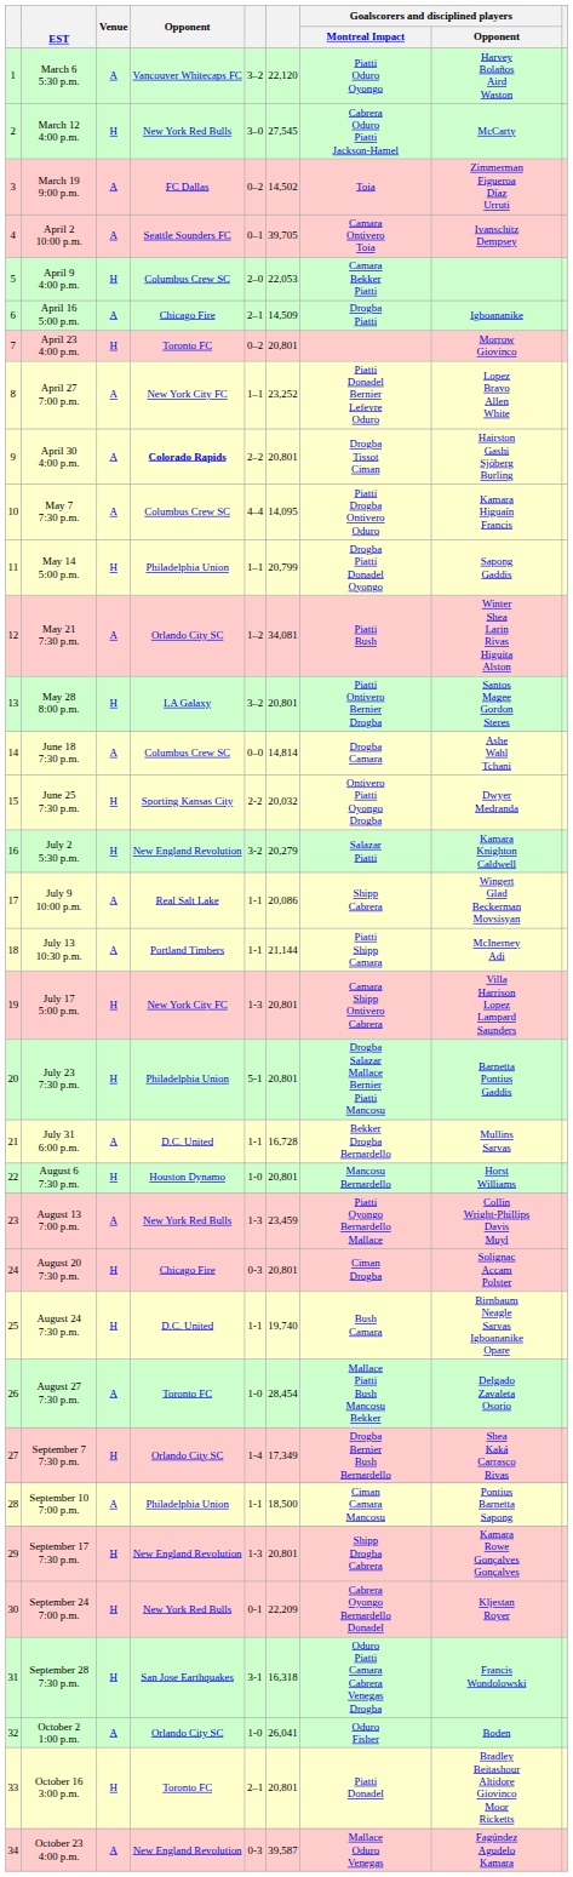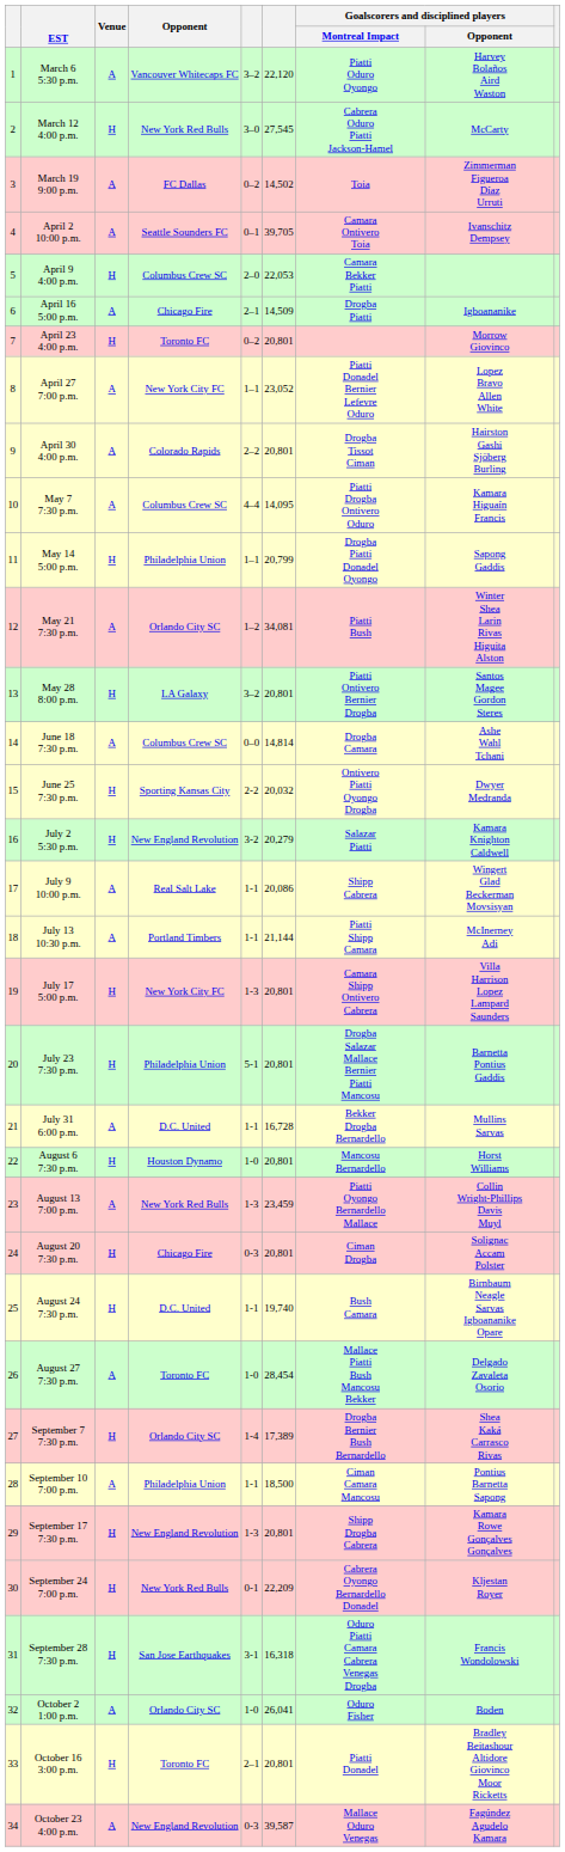 <table class="wikitable" Style="text-align: center;font-size:85%">
 <tr>
 <th rowspan="2"></th>
 <th rowspan="2" style="width:90px"><br><br><a href='#'>EST</a></th>
 <th rowspan="2">Venue</th>
 <th rowspan="2">Opponent</th>
 <th rowspan="2"><br></th>
 <th rowspan="2"></th>
 <th colspan="2">Goalscorers and disciplined players</th>
 <th rowspan="2"></th>
 </tr>
 <tr>
 <th style="width:160px"><a href='#'>Montreal Impact</a></th>
 <th style="width:160px">Opponent</th>
 </tr>
 <tr style="background:#cfc">
 <td>1</td>
 <td>March 6<br>5:30 p.m.</td>
 <td><a href='#'>A</a></td>
 <td><a href='#'>Vancouver Whitecaps FC</a></td>
 <td>3–2</td>
 <td>22,120</td>
 <td><a href='#'>Piatti</a> <br><a href='#'>Oduro</a> <br><a href='#'>Oyongo</a> </td>
 <td><a href='#'>Harvey</a> <br><a href='#'>Bolaños</a> <br><a href='#'>Aird</a> <br><a href='#'>Waston</a> </td>
 <td></td>
 </tr>
 <tr style="background:#cfc">
 <td>2</td>
 <td>March 12<br>4:00 p.m.</td>
 <td><a href='#'>H</a></td>
 <td><a href='#'>New York Red Bulls</a></td>
 <td>3–0</td>
 <td>27,545</td>
 <td><a href='#'>Cabrera</a> <br><a href='#'>Oduro</a> <br><a href='#'>Piatti</a> <br><a href='#'>Jackson-Hamel</a> </td>
 <td><a href='#'>McCarty</a> </td>
 <td></td>
 </tr>
 <tr style="background:#fcc;" loss.>
 <td>3</td>
 <td>March 19<br>9:00 p.m.</td>
 <td><a href='#'>A</a></td>
 <td><a href='#'>FC Dallas</a></td>
 <td>0–2</td>
 <td>14,502</td>
 <td><a href='#'>Toia</a> </td>
 <td><a href='#'>Zimmerman</a> <br><a href='#'>Figueroa</a> <br><a href='#'>Díaz</a> <br><a href='#'>Urruti</a> </td>
 <td></td>
 </tr>
 <tr style="background:#fcc;">
 <td>4</td>
 <td>April 2<br>10:00 p.m.</td>
 <td><a href='#'>A</a></td>
 <td><a href='#'>Seattle Sounders FC</a></td>
 <td>0–1</td>
 <td>39,705</td>
 <td><a href='#'>Camara</a> <br><a href='#'>Ontivero</a> <br><a href='#'>Toia</a> </td>
 <td><a href='#'>Ivanschitz</a> <br><a href='#'>Dempsey</a> </td>
 <td></td>
 </tr>
 <tr style="background:#cfc">
 <td>5</td>
 <td>April 9<br>4:00 p.m.</td>
 <td><a href='#'>H</a></td>
 <td><a href='#'>Columbus Crew SC</a></td>
 <td>2–0</td>
 <td>22,053</td>
 <td><a href='#'>Camara</a> <br><a href='#'>Bekker</a> <br><a href='#'>Piatti</a> </td>
 <td></td>
 <td></td>
 </tr>
 <tr style="background:#cfc">
 <td>6</td>
 <td>April 16<br>5:00 p.m.</td>
 <td><a href='#'>A</a></td>
 <td><a href='#'>Chicago Fire</a></td>
 <td>2–1</td>
 <td>14,509</td>
 <td><a href='#'>Drogba</a> <br><a href='#'>Piatti</a> </td>
 <td><a href='#'>Igboananike</a> </td>
 <td></td>
 </tr>
 <tr style="background:#fcc">
 <td>7</td>
 <td>April 23<br>4:00 p.m.</td>
 <td><a href='#'>H</a></td>
 <td><a href='#'>Toronto FC</a></td>
 <td>0–2</td>
 <td>20,801</td>
 <td></td>
 <td><a href='#'>Morrow</a> <br><a href='#'>Giovinco</a> </td>
 <td></td>
 </tr>
 <tr style="background:#ffc">
 <td>8</td>
 <td>April 27<br>7:00 p.m.</td>
 <td><a href='#'>A</a></td>
 <td><a href='#'>New York City FC</a></td>
 <td>1–1</td>
-<td>23,252</td>
+<td>23,052</td>
 <td><a href='#'>Piatti</a> <br><a href='#'>Donadel</a> <br><a href='#'>Bernier</a> <br><a href='#'>Lefevre</a><br><a href='#'>Oduro</a> </td>
 <td><a href='#'>Lopez</a> <br><a href='#'>Bravo</a> <br><a href='#'>Allen</a> <br><a href='#'>White</a> </td>
 <td></td>
 </tr>
 <tr style="background:#ffc" for a draw>
 <td>9</td>
 <td>April 30<br>4:00 p.m.</td>
 <td><a href='#'>A</a></td>
-<td><strong><a href='#'>Colorado Rapids</a></strong></td>
+<td><a href='#'>Colorado Rapids</a></td>
 <td>2–2</td>
 <td>20,801</td>
 <td><a href='#'>Drogba</a> <br><a href='#'>Tissot</a> <br><a href='#'>Ciman</a> <br></td>
 <td><a href='#'>Hairston</a> <br><a href='#'>Gashi</a>  <br><a href='#'>Sjöberg</a> <br><a href='#'>Burling</a> </td>
 <td></td>
 </tr>
 <tr style="background:#ffc" for a draw>
 <td>10</td>
 <td>May 7<br>7:30 p.m.</td>
 <td><a href='#'>A</a></td>
 <td><a href='#'>Columbus Crew SC</a></td>
 <td>4–4</td>
 <td>14,095</td>
 <td><a href='#'>Piatti</a> <br><a href='#'>Drogba</a> <br><a href='#'>Ontivero</a> <br><a href='#'>Oduro</a> </td>
 <td><a href='#'>Kamara</a> <br><a href='#'>Higuaín</a> <br><a href='#'>Francis</a> </td>
 <td></td>
 </tr>
 <tr style="background:#ffc" for a draw>
 <td>11</td>
 <td>May 14<br>5:00 p.m.</td>
 <td><a href='#'>H</a></td>
 <td><a href='#'>Philadelphia Union</a></td>
 <td>1–1</td>
 <td>20,799</td>
 <td><a href='#'>Drogba</a> <br><a href='#'>Piatti</a> <br><a href='#'>Donadel</a> <br><a href='#'>Oyongo</a> </td>
 <td><a href='#'>Sapong</a> <br><a href='#'>Gaddis</a> </td>
 <td></td>
 </tr>
 <tr style="background:#fcc" for a loss.>
 <td>12</td>
 <td>May 21<br>7:30 p.m.</td>
 <td><a href='#'>A</a></td>
 <td><a href='#'>Orlando City SC</a></td>
 <td>1–2</td>
 <td>34,081</td>
 <td><a href='#'>Piatti</a> <br><a href='#'>Bush</a> </td>
 <td><a href='#'>Winter</a> <br><a href='#'>Shea</a> <br><a href='#'>Larin</a> <br><a href='#'>Rivas</a> <br><a href='#'>Higuita</a> <br><a href='#'>Alston</a> </td>
 <td></td>
 </tr>
 <tr style="background:#cfc">
 <td>13</td>
 <td>May 28<br>8:00 p.m.</td>
 <td><a href='#'>H</a></td>
 <td><a href='#'>LA Galaxy</a></td>
 <td>3–2</td>
 <td>20,801</td>
 <td><a href='#'>Piatti</a> <br><a href='#'>Ontivero</a> <br><a href='#'>Bernier</a><br><a href='#'>Drogba</a>  </td>
 <td><a href='#'>Santos</a> <br><a href='#'>Magee</a> <br><a href='#'>Gordon</a> <br><a href='#'>Steres</a> </td>
 <td></td>
 </tr>
 <tr style="background:#ffc">
 <td>14</td>
 <td>June 18<br>7:30 p.m.</td>
 <td><a href='#'>A</a></td>
 <td><a href='#'>Columbus Crew SC</a></td>
 <td>0–0</td>
 <td>14,814</td>
 <td><a href='#'>Drogba</a> <br><a href='#'>Camara</a> </td>
 <td><a href='#'>Ashe</a> <br><a href='#'>Wahl</a> <br><a href='#'>Tchani</a></td>
 <td></td>
 </tr>
 <tr style="background:#ffc">
 <td>15</td>
 <td>June 25<br>7:30 p.m.</td>
 <td><a href='#'>H</a></td>
 <td><a href='#'>Sporting Kansas City</a></td>
 <td>2-2</td>
 <td>20,032</td>
 <td><a href='#'>Ontivero</a> <br><a href='#'>Piatti</a> <br><a href='#'>Oyongo</a> <br><a href='#'>Drogba</a> </td>
 <td><a href='#'>Dwyer</a> <br><a href='#'>Medranda</a> </td>
 <td></td>
 </tr>
 <tr style="background:#cfc">
 <td>16</td>
 <td>July 2<br>5:30 p.m.</td>
 <td><a href='#'>H</a></td>
 <td><a href='#'>New England Revolution</a></td>
 <td>3-2</td>
 <td>20,279</td>
 <td><a href='#'>Salazar</a> <br><a href='#'>Piatti</a> </td>
 <td><a href='#'>Kamara</a> <br><a href='#'>Knighton</a> <br><a href='#'>Caldwell</a> </td>
 <td></td>
 </tr>
 <tr style="background:#ffc">
 <td>17</td>
 <td>July 9<br>10:00 p.m.</td>
 <td><a href='#'>A</a></td>
 <td><a href='#'>Real Salt Lake</a></td>
 <td>1-1</td>
 <td>20,086</td>
 <td><a href='#'>Shipp</a> <br><a href='#'>Cabrera</a> </td>
 <td><a href='#'>Wingert</a> <br><a href='#'>Glad</a> <br><a href='#'>Beckerman</a> <br><a href='#'>Movsisyan</a> </td>
 <td></td>
 </tr>
 <tr style="background:#ffc">
 <td>18</td>
 <td>July 13<br>10:30 p.m.</td>
 <td><a href='#'>A</a></td>
 <td><a href='#'>Portland Timbers</a></td>
 <td>1-1</td>
 <td>21,144</td>
 <td><a href='#'>Piatti</a> <br><a href='#'>Shipp</a> <br><a href='#'>Camara</a> </td>
 <td><a href='#'>McInerney</a> <br><a href='#'>Adi</a> </td>
 <td></td>
 </tr>
 <tr style="background:#fcc;" loss.>
 <td>19</td>
 <td>July 17<br>5:00 p.m.</td>
 <td><a href='#'>H</a></td>
 <td><a href='#'>New York City FC</a></td>
 <td>1-3</td>
 <td>20,801</td>
 <td><a href='#'>Camara</a> <br><a href='#'>Shipp</a> <br><a href='#'>Ontivero</a> <br><a href='#'>Cabrera</a> </td>
 <td><a href='#'>Villa</a> <br><a href='#'>Harrison</a> <br><a href='#'>Lopez</a> <br><a href='#'>Lampard</a> <br><a href='#'>Saunders</a> </td>
 <td></td>
 </tr>
 <tr style="background:#cfc">
 <td>20</td>
 <td>July 23<br>7:30 p.m.</td>
 <td><a href='#'>H</a></td>
 <td><a href='#'>Philadelphia Union</a></td>
 <td>5-1</td>
 <td>20,801</td>
 <td><a href='#'>Drogba</a> <br><a href='#'>Salazar</a> <br><a href='#'>Mallace</a> <br><a href='#'>Bernier</a> <br><a href='#'>Piatti</a> <br><a href='#'>Mancosu</a> </td>
 <td><a href='#'>Barnetta</a> <br><a href='#'>Pontius</a> <br><a href='#'>Gaddis</a> </td>
 <td></td>
 </tr>
 <tr style="background:#ffc" for a draw>
 <td>21</td>
 <td>July 31<br>6:00 p.m.</td>
 <td><a href='#'>A</a></td>
 <td><a href='#'>D.C. United</a></td>
 <td>1-1</td>
 <td>16,728</td>
 <td><a href='#'>Bekker</a> <br><a href='#'>Drogba</a> <br><a href='#'>Bernardello</a> </td>
 <td><a href='#'>Mullins</a> <br><a href='#'>Sarvas</a> </td>
 <td></td>
 </tr>
 <tr style="background:#cfc">
 <td>22</td>
 <td>August 6<br>7:30 p.m.</td>
 <td><a href='#'>H</a></td>
 <td><a href='#'>Houston Dynamo</a></td>
 <td>1-0</td>
 <td>20,801</td>
 <td><a href='#'>Mancosu</a> <br><a href='#'>Bernardello</a> </td>
 <td><a href='#'>Horst</a> <br><a href='#'>Williams</a> </td>
 <td></td>
 </tr>
 <tr style="background:#fcc;" loss.>
 <td>23</td>
 <td>August 13<br>7:00 p.m.</td>
 <td><a href='#'>A</a></td>
 <td><a href='#'>New York Red Bulls</a></td>
 <td>1-3</td>
 <td>23,459</td>
 <td><a href='#'>Piatti</a> <br><a href='#'>Oyongo</a> <br><a href='#'>Bernardello</a> <br><a href='#'>Mallace</a> </td>
 <td><a href='#'>Collin</a> <br><a href='#'>Wright-Phillips</a> <br><a href='#'>Davis</a> <br><a href='#'>Muyl</a> </td>
 <td></td>
 </tr>
 <tr style="background:#fcc;" loss.>
 <td>24</td>
 <td>August 20<br>7:30 p.m.</td>
 <td><a href='#'>H</a></td>
 <td><a href='#'>Chicago Fire</a></td>
 <td>0-3</td>
 <td>20,801</td>
 <td><a href='#'>Ciman</a> <br><a href='#'>Drogba</a> </td>
 <td><a href='#'>Solignac</a> <br><a href='#'>Accam</a> <br><a href='#'>Polster</a> </td>
 <td></td>
 </tr>
 <tr style="background:#ffc" for a draw>
 <td>25</td>
 <td>August 24<br>7:30 p.m.</td>
 <td><a href='#'>H</a></td>
 <td><a href='#'>D.C. United</a></td>
 <td>1-1</td>
 <td>19,740</td>
 <td><a href='#'>Bush</a> <br><a href='#'>Camara</a> </td>
 <td><a href='#'>Birnbaum</a> <br><a href='#'>Neagle</a> <br><a href='#'>Sarvas</a> <br><a href='#'>Igboananike</a> <br><a href='#'>Opare</a> </td>
 <td></td>
 </tr>
 <tr style="background:#cfc">
 <td>26</td>
 <td>August 27<br>7:30 p.m.</td>
 <td><a href='#'>A</a></td>
 <td><a href='#'>Toronto FC</a></td>
 <td>1-0</td>
 <td>28,454</td>
 <td><a href='#'>Mallace</a> <br><a href='#'>Piatti</a> <br><a href='#'>Bush</a> <br><a href='#'>Mancosu</a> <br><a href='#'>Bekker</a> </td>
 <td><a href='#'>Delgado</a> <br><a href='#'>Zavaleta</a> <br><a href='#'>Osorio</a> </td>
 <td></td>
 </tr>
 <tr style="background:#fcc;" loss.>
 <td>27</td>
 <td>September 7<br>7:30 p.m.</td>
 <td><a href='#'>H</a></td>
 <td><a href='#'>Orlando City SC</a></td>
 <td>1-4</td>
-<td>17,349</td>
+<td>17,389</td>
 <td><a href='#'>Drogba</a> <br><a href='#'>Bernier</a> <br><a href='#'>Bush</a> <br><a href='#'>Bernardello</a> </td>
 <td><a href='#'>Shea</a> <br><a href='#'>Kaká</a> <br><a href='#'>Carrasco</a> <br><a href='#'>Rivas</a> </td>
 <td></td>
 </tr>
 <tr style="background:#ffc">
 <td>28</td>
 <td>September 10<br>7:00 p.m.</td>
 <td><a href='#'>A</a></td>
 <td><a href='#'>Philadelphia Union</a></td>
 <td>1-1</td>
 <td>18,500</td>
 <td><a href='#'>Ciman</a> <br><a href='#'>Camara</a> <br><a href='#'>Mancosu</a> </td>
 <td><a href='#'>Pontius</a> <br><a href='#'>Barnetta</a> <br><a href='#'>Sapong</a> </td>
 <td></td>
 </tr>
 <tr style="background:#fcc;" loss.>
 <td>29</td>
 <td>September 17<br>7:30 p.m.</td>
 <td><a href='#'>H</a></td>
 <td><a href='#'>New England Revolution</a></td>
 <td>1-3</td>
 <td>20,801</td>
 <td><a href='#'>Shipp</a> <br><a href='#'>Drogba</a> <br><a href='#'>Cabrera</a> </td>
 <td><a href='#'>Kamara</a> <br><a href='#'>Rowe</a> <br><a href='#'>Gonçalves</a> <br><a href='#'>Gonçalves</a> </td>
 <td></td>
 </tr>
 <tr style="background:#fcc;" loss.>
 <td>30</td>
 <td>September 24<br>7:00 p.m.</td>
 <td><a href='#'>H</a></td>
 <td><a href='#'>New York Red Bulls</a></td>
 <td>0-1</td>
 <td>22,209</td>
 <td><a href='#'>Cabrera</a> <br><a href='#'>Oyongo</a> <br><a href='#'>Bernardello</a> <br><a href='#'>Donadel</a> </td>
 <td><a href='#'>Kljestan</a> <br><a href='#'>Royer</a> </td>
 <td></td>
 </tr>
 <tr style="background:#cfc">
 <td>31</td>
 <td>September 28<br>7:30 p.m.</td>
 <td><a href='#'>H</a></td>
 <td><a href='#'>San Jose Earthquakes</a></td>
 <td>3-1</td>
 <td>16,318</td>
 <td><a href='#'>Oduro</a> <br><a href='#'>Piatti</a> <br><a href='#'>Camara</a> <br><a href='#'>Cabrera</a> <br><a href='#'>Venegas</a> <br><a href='#'>Drogba</a> </td>
 <td><a href='#'>Francis</a> <br><a href='#'>Wondolowski</a> </td>
 <td></td>
 </tr>
 <tr style="background:#cfc">
 <td>32</td>
 <td>October 2<br>1:00 p.m.</td>
 <td><a href='#'>A</a></td>
 <td><a href='#'>Orlando City SC</a></td>
 <td>1-0</td>
 <td>26,041</td>
 <td><a href='#'>Oduro</a> <br><a href='#'>Fisher</a> </td>
 <td><a href='#'>Boden</a> </td>
 <td></td>
 </tr>
 <tr style="background:#ffc">
 <td>33</td>
 <td>October 16<br>3:00 p.m.</td>
 <td><a href='#'>H</a></td>
 <td><a href='#'>Toronto FC</a></td>
 <td>2–1</td>
 <td>20,801</td>
 <td><a href='#'>Piatti</a> <br><a href='#'>Donadel</a> </td>
 <td><a href='#'>Bradley</a> <br><a href='#'>Beitashour</a> <br><a href='#'>Altidore</a> <br><a href='#'>Giovinco</a> <br><a href='#'>Moor</a> <br><a href='#'>Ricketts</a> </td>
 <td></td>
 </tr>
 <tr style="background:#fcc;">
 <td>34</td>
 <td>October 23<br>4:00 p.m.</td>
 <td><a href='#'>A</a></td>
 <td><a href='#'>New England Revolution</a></td>
 <td>0-3</td>
 <td>39,587</td>
 <td><a href='#'>Mallace</a> <br><a href='#'>Oduro</a> <br><a href='#'>Venegas</a> </td>
 <td><a href='#'>Fagúndez</a> <br><a href='#'>Agudelo</a> <br><a href='#'>Kamara</a> </td>
 <td></td>
 </tr>
 </table>
